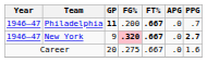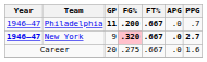 <table class="wikitable sortable" style="font-size:95%; text-align:right;">
 <tr>
 <th>Year</th>
 <th>Team</th>
 <th>GP</th>
 <th>FG%</th>
 <th>FT%</th>
 <th>APG</th>
 <th>PPG</th>
 </tr>
 <tr>
 <td style="text-align:left;"><a href='#'>1946–47</a></td>
 <td style="text-align:left;"><a href='#'>Philadelphia</a></td>
 <td><strong>11</strong></td>
-<td>.200</td>
+<td><strong>.200</strong></td>
 <td><strong>.667</strong></td>
 <td>.0</td>
 <td>.7</td>
 </tr>
 <tr>
-<td style="text-align:left;"><a href='#'>1946–47</a></td>
+<td style="text-align:left;"><strong><a href='#'>1946–47</a></strong></td>
 <td style="text-align:left;"><a href='#'>New York</a></td>
 <td>9</td>
 <td style="background: pink;"><strong>.320</strong></td>
 <td><strong>.667</strong></td>
-<td>.0</td>
+<td><strong>.0</strong></td>
 <td><strong>2.7</strong></td>
 </tr>
 <tr>
 <td style="text-align:center;" colspan="2">Career</td>
 <td>20</td>
 <td>.275</td>
 <td>.667</td>
 <td>.0</td>
 <td>1.6</td>
 </tr>
 <tr>
 </tr>
 </table>
